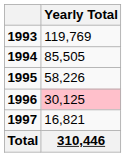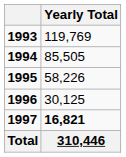 <table class="wikitable">
 <tr>
 <th></th>
 <th>Yearly Total</th>
 </tr>
 <tr>
 <td><strong>1993</strong></td>
 <td>119,769</td>
 </tr>
 <tr>
 <td><strong>1994</strong></td>
 <td>85,505</td>
 </tr>
 <tr>
 <td><strong>1995</strong></td>
 <td>58,226</td>
 </tr>
 <tr>
 <td><strong>1996</strong></td>
-<td style="background: pink;">30,125</td>
+<td>30,125</td>
 </tr>
 <tr>
 <td><strong>1997</strong></td>
-<td>16,821</td>
+<td><strong>16,821</strong></td>
 </tr>
 <tr>
 <th>Total</th>
 <th><u>310,446</u></th>
 </tr>
 </table>
